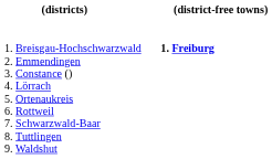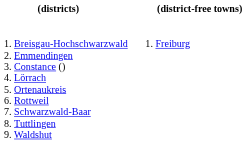 <table>
 <tr>
 <th width=50%><br>(districts)</th>
 <th width=50%><br>(district-free towns)</th>
 </tr>
 <tr valign=top>
 <td><br><ol><li><a href='#'>Breisgau-Hochschwarzwald</a></li><li><a href='#'>Emmendingen</a></li><li><a href='#'>Constance</a> ()</li><li><a href='#'>Lörrach</a></li><li><a href='#'>Ortenaukreis</a></li><li><a href='#'>Rottweil</a></li><li><a href='#'>Schwarzwald-Baar</a></li><li><a href='#'>Tuttlingen</a></li><li><a href='#'>Waldshut</a></li></ol></td>
-<td><strong><br><ol><li><a href='#'>Freiburg</a></li></ol></strong></td>
+<td><br><ol><li><a href='#'>Freiburg</a></li></ol></td>
 </tr>
 </table>
